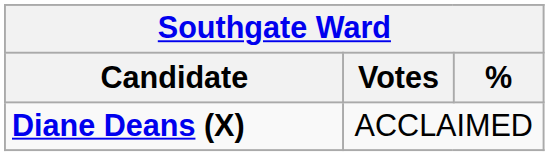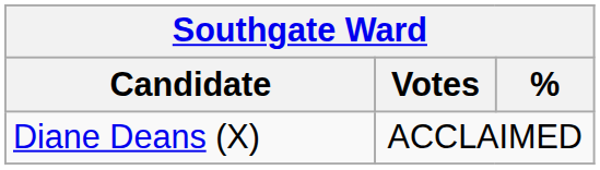 <table class="wikitable">
 <tr>
 <th colspan="3"><a href='#'>Southgate Ward</a></th>
 </tr>
 <tr>
 <th style="width: 170px">Candidate</th>
 <th style="width: 50px">Votes</th>
 <th style="width: 40px">%</th>
 </tr>
 <tr>
-<td><strong><a href='#'>Diane Deans</a> (X)</strong></td>
+<td><a href='#'>Diane Deans</a> (X)</td>
 <td colspan="2" align="center">ACCLAIMED</td>
 </tr>
 </table>
